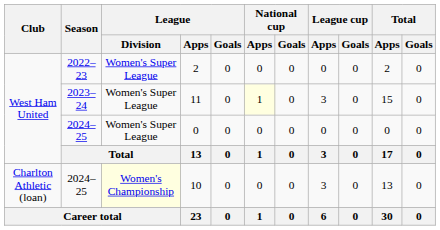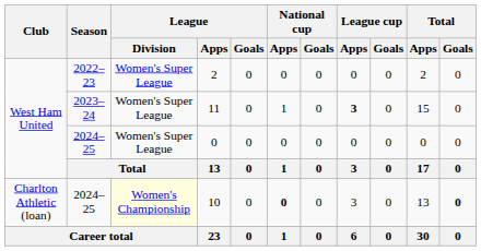 <table class="wikitable" style="text-align:center">
 <tr>
 <th rowspan="2">Club</th>
 <th rowspan="2">Season</th>
 <th colspan="3">League</th>
 <th colspan="2">National cup</th>
 <th colspan="2">League cup</th>
 <th colspan="2">Total</th>
 </tr>
 <tr>
 <th>Division</th>
 <th>Apps</th>
 <th>Goals</th>
 <th>Apps</th>
 <th>Goals</th>
 <th>Apps</th>
 <th>Goals</th>
 <th>Apps</th>
 <th>Goals</th>
 </tr>
 <tr>
 <td rowspan="4"><a href='#'>West Ham United</a></td>
 <td><a href='#'>2022–23</a></td>
 <td><a href='#'>Women's Super League</a></td>
 <td>2</td>
 <td>0</td>
 <td>0</td>
 <td>0</td>
 <td>0</td>
 <td>0</td>
 <td>2</td>
 <td>0</td>
 </tr>
 <tr>
 <td><a href='#'>2023–24</a></td>
 <td>Women's Super League</td>
 <td>11</td>
 <td>0</td>
-<td style="background: lightyellow;">1</td>
+<td>1</td>
 <td>0</td>
-<td>3</td>
+<td><strong>3</strong></td>
 <td>0</td>
 <td>15</td>
 <td>0</td>
 </tr>
 <tr>
 <td><a href='#'>2024–25</a></td>
 <td>Women's Super League</td>
 <td>0</td>
 <td>0</td>
 <td>0</td>
 <td>0</td>
 <td>0</td>
 <td>0</td>
 <td>0</td>
 <td>0</td>
 </tr>
 <tr>
 <th colspan="2">Total</th>
 <th>13</th>
 <th>0</th>
 <th>1</th>
 <th>0</th>
 <th>3</th>
 <th>0</th>
 <th>17</th>
 <th>0</th>
 </tr>
 <tr>
 <td><a href='#'>Charlton Athletic</a> (loan)</td>
 <td>2024–25</td>
 <td style="background: lightyellow;"><a href='#'>Women's Championship</a></td>
 <td>10</td>
 <td>0</td>
-<td>0</td>
+<td><strong>0</strong></td>
 <td>0</td>
 <td>3</td>
 <td>0</td>
 <td>13</td>
-<td>0</td>
+<td><strong>0</strong></td>
 </tr>
 <tr>
 <th colspan="3">Career total</th>
 <th>23</th>
 <th>0</th>
 <th>1</th>
 <th>0</th>
 <th>6</th>
 <th>0</th>
 <th>30</th>
 <th>0</th>
 </tr>
 </table>
